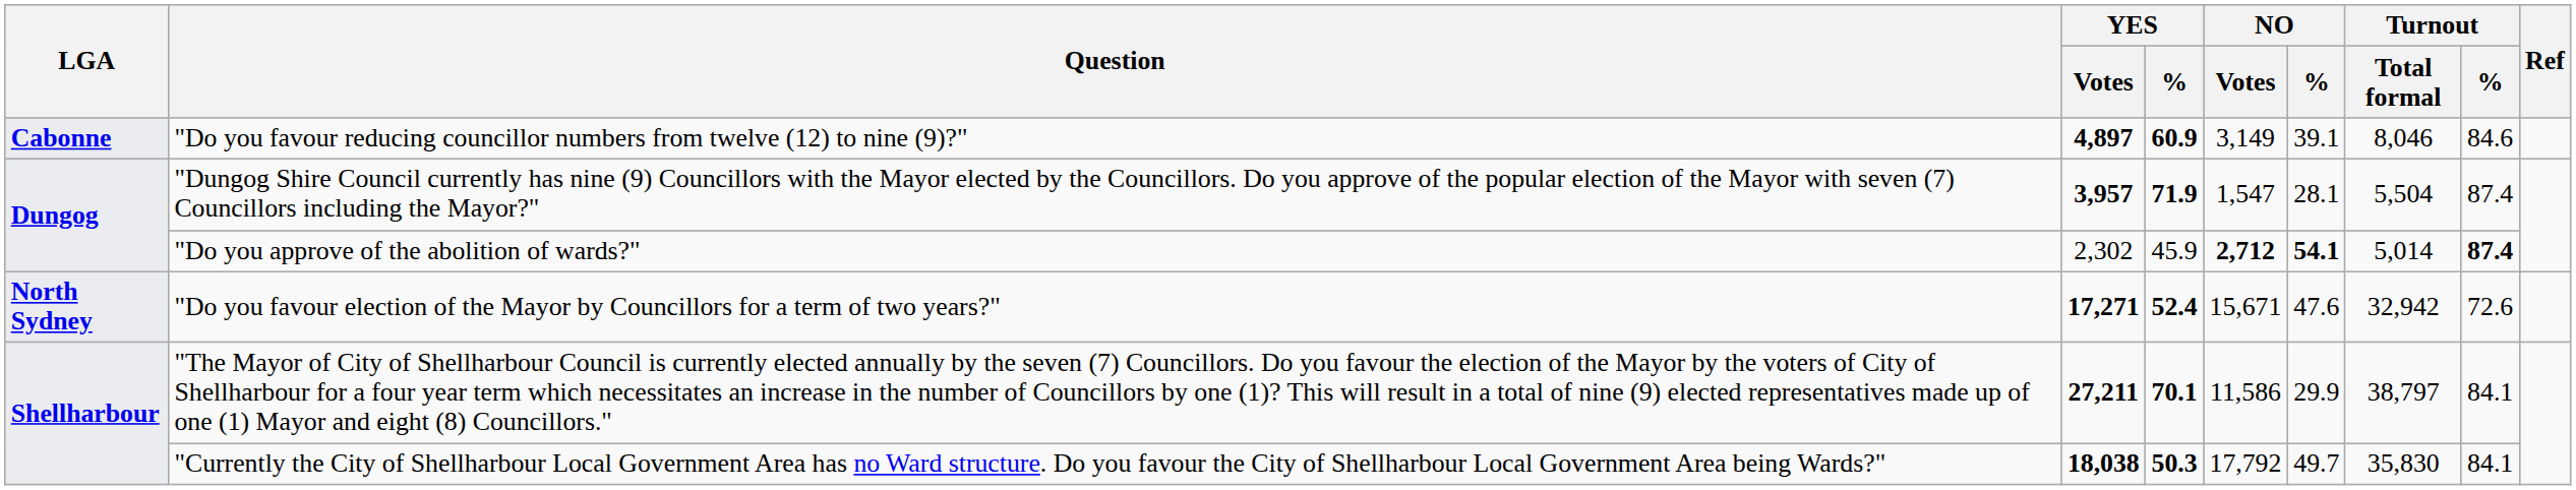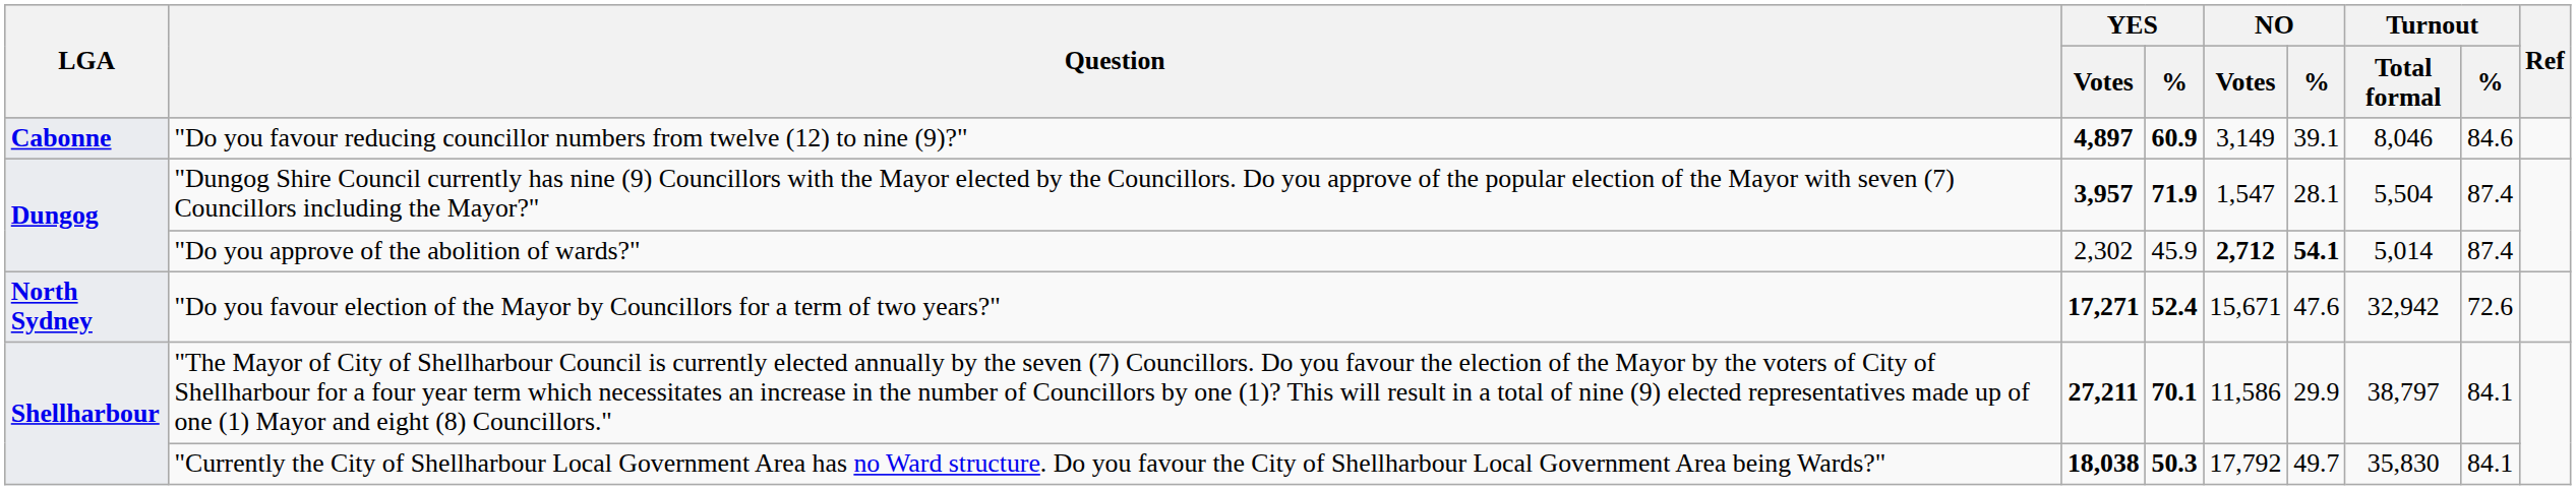 <table class="wikitable sortable">
 <tr>
 <th rowspan="2" style="text-align:center;">LGA</th>
 <th rowspan="2" style="text-align:center;">Question</th>
 <th colspan="2" align="center">YES</th>
 <th colspan="2" align="center">NO</th>
 <th colspan="2" align="center">Turnout</th>
 <th rowspan="2" style="text-align:center;" class=unsortable>Ref</th>
 </tr>
 <tr>
 <th align="center">Votes</th>
 <th align="center">%</th>
 <th align="center">Votes</th>
 <th align="center">%</th>
 <th align="center">Total formal</th>
 <th align="center">%</th>
 </tr>
 <tr>
 <td align="left"; style=background:#EAECF0><strong><a href='#'>Cabonne</a></strong></td>
 <td>"Do you favour reducing councillor numbers from twelve (12) to nine (9)?"</td>
 <td style="text-align:center;"><strong>4,897</strong></td>
 <td> <strong>60.9</strong></td>
 <td style="text-align:center;">3,149</td>
 <td>39.1</td>
 <td style="text-align:center;">8,046</td>
 <td align="center">84.6</td>
 <td align="center"></td>
 </tr>
 <tr>
 <td rowspan="2"; align="left"; style=background:#EAECF0><strong><a href='#'>Dungog</a></strong></td>
 <td>"Dungog Shire Council currently has nine (9) Councillors with the Mayor elected by the Councillors. Do you approve of the popular election of the Mayor with seven (7) Councillors including the Mayor?"</td>
 <td style="text-align:center;"><strong>3,957</strong></td>
 <td> <strong>71.9</strong></td>
 <td style="text-align:center;">1,547</td>
 <td>28.1</td>
 <td style="text-align:center;">5,504</td>
 <td align="center">87.4</td>
 <td rowspan="2"; align="center"></td>
 </tr>
 <tr>
 <td>"Do you approve of the abolition of wards?"</td>
 <td style="text-align:center;">2,302</td>
 <td>45.9</td>
 <td style="text-align:center;"><strong>2,712</strong></td>
 <td> <strong>54.1</strong></td>
 <td style="text-align:center;">5,014</td>
-<td align="center"><strong>87.4</strong></td>
+<td align="center">87.4</td>
 </tr>
 <tr>
 <td align="left"; style=background:#EAECF0><strong><a href='#'>North Sydney</a></strong></td>
 <td>"Do you favour election of the Mayor by Councillors for a term of two years?"</td>
 <td style="text-align:center;"><strong>17,271</strong></td>
 <td> <strong>52.4</strong></td>
 <td style="text-align:center;">15,671</td>
 <td>47.6</td>
 <td style="text-align:center;">32,942</td>
 <td align="center">72.6</td>
 <td align="center"></td>
 </tr>
 <tr>
 <td rowspan="2"; align="left"; style=background:#EAECF0><strong><a href='#'>Shellharbour</a></strong></td>
 <td>"The Mayor of City of Shellharbour Council is currently elected annually by the seven (7) Councillors. Do you favour the election of the Mayor by the voters of City of Shellharbour for a four year term which necessitates an increase in the number of Councillors by one (1)? This will result in a total of nine (9) elected representatives made up of one (1) Mayor and eight (8) Councillors."</td>
 <td style="text-align:center;"><strong>27,211</strong></td>
 <td> <strong>70.1</strong></td>
 <td style="text-align:center;">11,586</td>
 <td>29.9</td>
 <td style="text-align:center;">38,797</td>
 <td align="center">84.1</td>
 <td rowspan="2"; align="center"></td>
 </tr>
 <tr>
 <td>"Currently the City of Shellharbour Local Government Area has <a href='#'>no Ward structure</a>. Do you favour the City of Shellharbour Local Government Area being  Wards?"</td>
 <td style="text-align:center;"><strong>18,038</strong></td>
 <td> <strong>50.3</strong></td>
 <td style="text-align:center;">17,792</td>
 <td>49.7</td>
 <td style="text-align:center;">35,830</td>
 <td align="center">84.1</td>
 </tr>
 </table>
